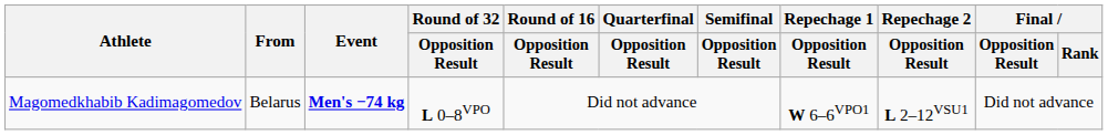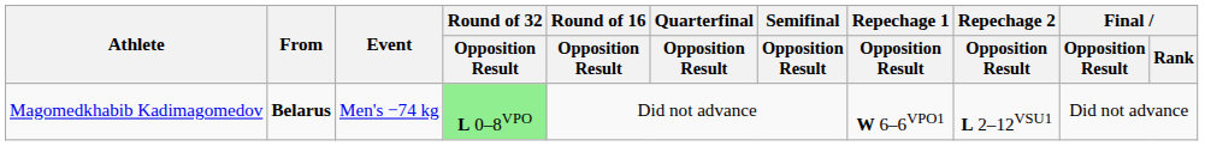 <table class="wikitable" style="font-size:90%">
 <tr>
 <th rowspan=2>Athlete</th>
 <th rowspan=2>From</th>
 <th rowspan=2>Event</th>
 <th>Round of 32</th>
 <th>Round of 16</th>
 <th>Quarterfinal</th>
 <th>Semifinal</th>
 <th>Repechage 1</th>
 <th>Repechage 2</th>
 <th colspan=2>Final / </th>
 </tr>
 <tr style="font-size: 95%">
 <th>Opposition<br>Result</th>
 <th>Opposition<br>Result</th>
 <th>Opposition<br>Result</th>
 <th>Opposition<br>Result</th>
 <th>Opposition<br>Result</th>
 <th>Opposition<br>Result</th>
 <th>Opposition<br>Result</th>
 <th>Rank</th>
 </tr>
 <tr align=center>
 <td align=left><a href='#'>Magomedkhabib Kadimagomedov</a></td>
-<td align=left>Belarus</td>
-<td align=left><strong><a href='#'>Men's −74 kg</a></strong></td>
-<td><br><strong>L</strong> 0–8<sup>VPO</sup></td>
+<td align=left><strong>Belarus</strong></td>
+<td align=left><a href='#'>Men's −74 kg</a></td>
+<td style="background: lightgreen;"><br><strong>L</strong> 0–8<sup>VPO</sup></td>
 <td colspan=3>Did not advance</td>
 <td><br><strong>W</strong> 6–6<sup>VPO1</sup></td>
 <td><br><strong>L</strong> 2–12<sup>VSU1</sup></td>
 <td colspan=2>Did not advance</td>
 </tr>
 </table>
